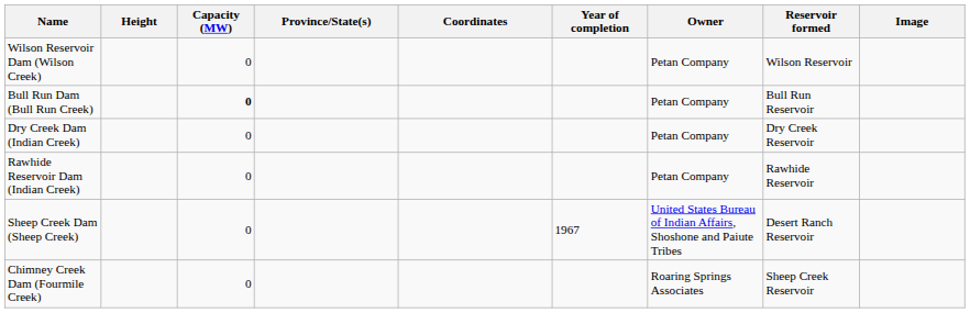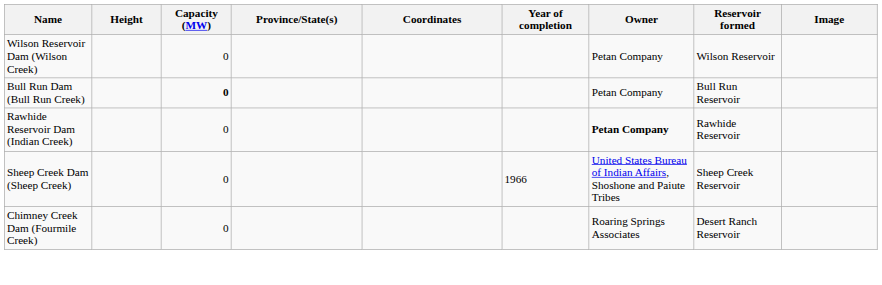 <table class="wikitable sortable" border="1">
 <tr>
 <th width="10%">Name</th>
 <th width="8%">Height</th>
 <th width="8%">Capacity (<a href='#'>MW</a>)</th>
 <th width="15%">Province/State(s)</th>
 <th width="16%">Coordinates</th>
 <th width="10%">Year of completion</th>
 <th width="12%">Owner</th>
 <th width="10%">Reservoir formed</th>
 <th>Image</th>
 </tr>
 <tr>
 <td>Wilson Reservoir Dam (Wilson Creek)</td>
 <td></td>
 <td align="right">0</td>
 <td></td>
 <td></td>
 <td></td>
 <td>Petan Company</td>
 <td>Wilson Reservoir</td>
 <td></td>
 </tr>
 <tr>
 <td>Bull Run Dam (Bull Run Creek)</td>
 <td></td>
 <td align="right"><strong>0</strong></td>
 <td></td>
 <td></td>
 <td></td>
 <td>Petan Company</td>
 <td>Bull Run Reservoir</td>
 <td></td>
 </tr>
 <tr>
-<td>Dry Creek Dam (Indian Creek)</td>
-<td></td>
-<td align="right">0</td>
-<td></td>
-<td></td>
-<td></td>
-<td>Petan Company</td>
-<td>Dry Creek Reservoir</td>
-<td></td>
-</tr>
-<tr>
 <td>Rawhide Reservoir Dam (Indian Creek)</td>
 <td></td>
 <td align="right">0</td>
 <td></td>
 <td></td>
 <td></td>
-<td>Petan Company</td>
+<td><strong>Petan Company</strong></td>
 <td>Rawhide Reservoir</td>
 <td></td>
 </tr>
 <tr>
 <td>Sheep Creek Dam (Sheep Creek)</td>
 <td></td>
 <td align="right">0</td>
 <td></td>
 <td></td>
-<td>1967</td>
+<td>1966</td>
 <td><a href='#'>United States Bureau of Indian Affairs</a>, Shoshone and Paiute Tribes</td>
-<td>Desert Ranch Reservoir</td>
+<td>Sheep Creek Reservoir</td>
 <td></td>
 </tr>
 <tr>
 <td>Chimney Creek Dam (Fourmile Creek)</td>
 <td></td>
 <td align="right">0</td>
 <td></td>
 <td></td>
 <td></td>
 <td>Roaring Springs Associates</td>
-<td>Sheep Creek Reservoir</td>
+<td>Desert Ranch Reservoir</td>
 <td></td>
 </tr>
 </table>
